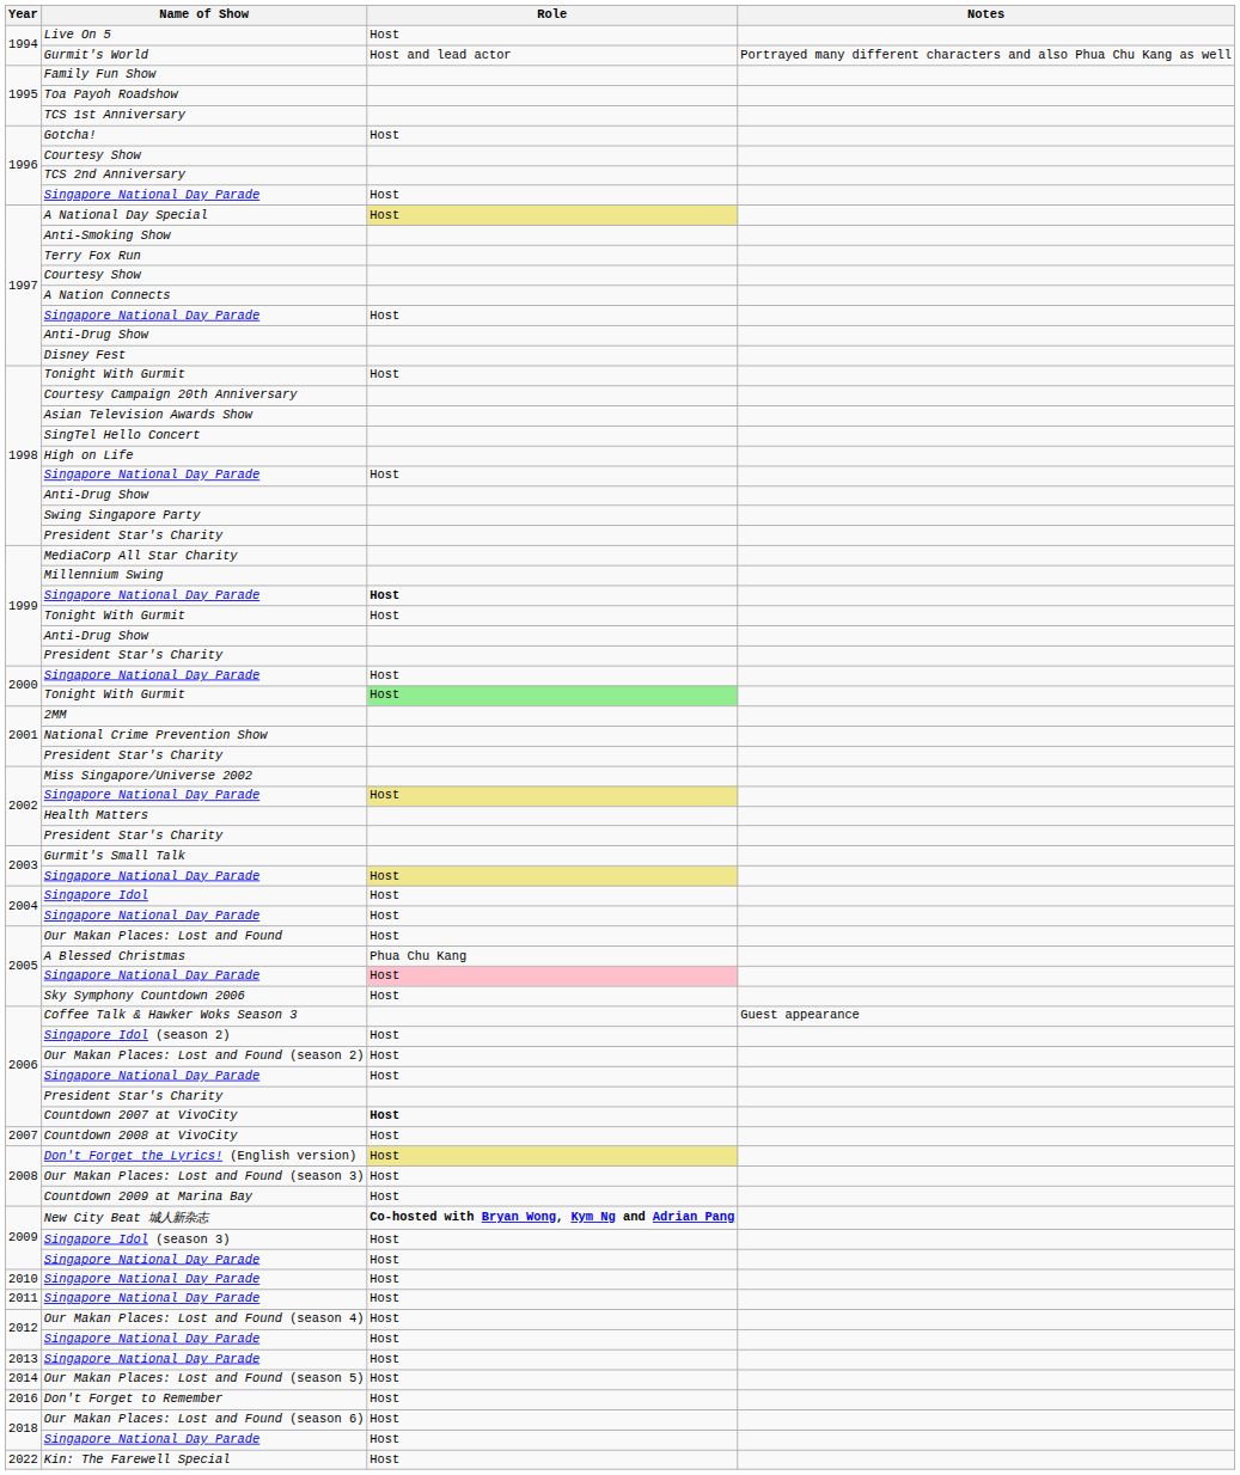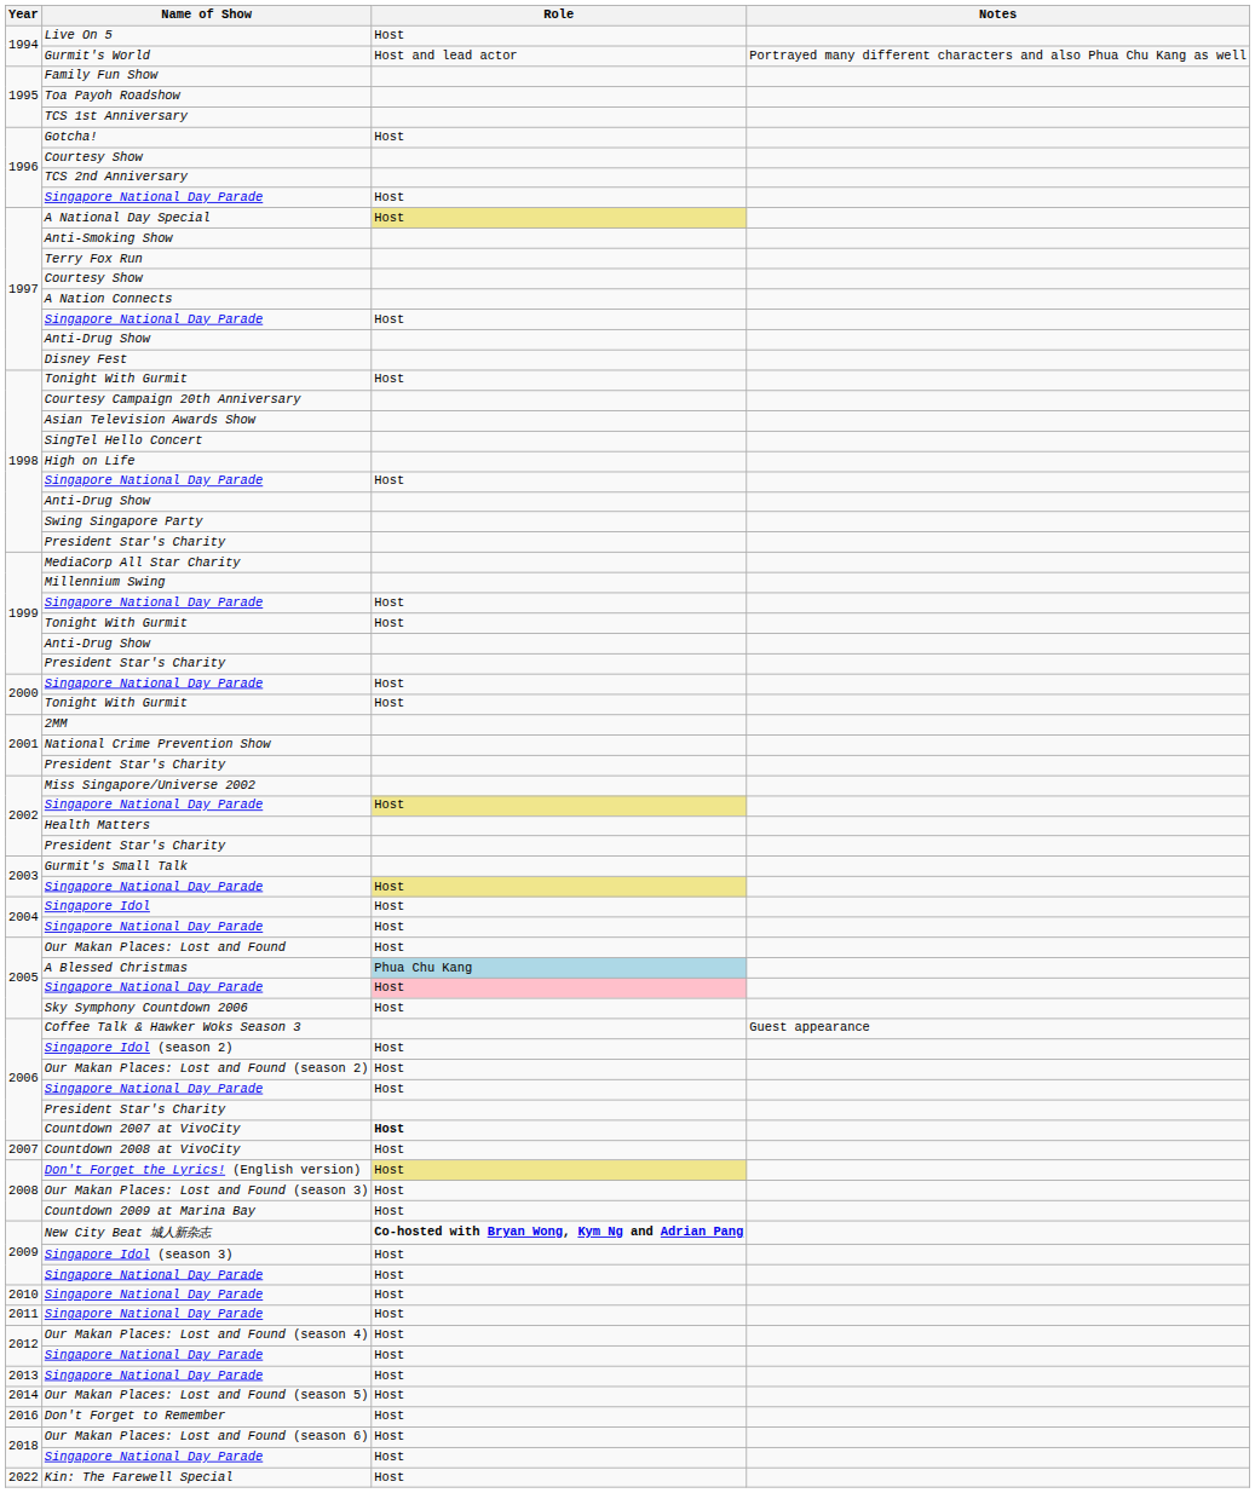 <table class="wikitable" style="font-size: 95%;">
 <tr>
 <th>Year</th>
 <th>Name of Show</th>
 <th>Role</th>
 <th>Notes</th>
 </tr>
 <tr>
 <td rowspan="2">1994</td>
 <td><em>Live On 5</em></td>
 <td>Host</td>
 <td></td>
 </tr>
 <tr>
 <td><em>Gurmit's World</em></td>
 <td>Host and lead actor</td>
 <td>Portrayed many different characters and also Phua Chu Kang as well</td>
 </tr>
 <tr>
 <td rowspan="3">1995</td>
 <td><em>Family Fun Show</em></td>
 <td></td>
 <td></td>
 </tr>
 <tr>
 <td><em>Toa Payoh Roadshow</em></td>
 <td></td>
 <td></td>
 </tr>
 <tr>
 <td><em>TCS 1st Anniversary</em></td>
 <td></td>
 <td></td>
 </tr>
 <tr>
 <td rowspan="4">1996</td>
 <td><em>Gotcha!</em></td>
 <td>Host</td>
 <td></td>
 </tr>
 <tr>
 <td><em>Courtesy Show</em></td>
 <td></td>
 <td></td>
 </tr>
 <tr>
 <td><em>TCS 2nd Anniversary</em></td>
 <td></td>
 <td></td>
 </tr>
 <tr>
 <td><em><a href='#'>Singapore National Day Parade</a></em></td>
 <td>Host</td>
 <td></td>
 </tr>
 <tr>
 <td rowspan="8">1997</td>
 <td><em>A National Day Special</em></td>
 <td style="background: khaki;">Host</td>
 <td></td>
 </tr>
 <tr>
 <td><em>Anti-Smoking Show</em></td>
 <td></td>
 <td></td>
 </tr>
 <tr>
 <td><em>Terry Fox Run</em></td>
 <td></td>
 <td></td>
 </tr>
 <tr>
 <td><em>Courtesy Show</em></td>
 <td></td>
 <td></td>
 </tr>
 <tr>
 <td><em>A Nation Connects</em></td>
 <td></td>
 <td></td>
 </tr>
 <tr>
 <td><em><a href='#'>Singapore National Day Parade</a></em></td>
 <td>Host</td>
 <td></td>
 </tr>
 <tr>
 <td><em>Anti-Drug Show</em></td>
 <td></td>
 <td></td>
 </tr>
 <tr>
 <td><em>Disney Fest</em></td>
 <td></td>
 <td></td>
 </tr>
 <tr>
 <td rowspan="9">1998</td>
 <td><em>Tonight With Gurmit</em></td>
 <td>Host</td>
 <td></td>
 </tr>
 <tr>
 <td><em>Courtesy Campaign 20th Anniversary</em></td>
 <td></td>
 <td></td>
 </tr>
 <tr>
 <td><em>Asian Television Awards Show</em></td>
 <td></td>
 <td></td>
 </tr>
 <tr>
 <td><em>SingTel Hello Concert</em></td>
 <td></td>
 <td></td>
 </tr>
 <tr>
 <td><em>High on Life</em></td>
 <td></td>
 <td></td>
 </tr>
 <tr>
 <td><em><a href='#'>Singapore National Day Parade</a></em></td>
 <td>Host</td>
 <td></td>
 </tr>
 <tr>
 <td><em>Anti-Drug Show</em></td>
 <td></td>
 <td></td>
 </tr>
 <tr>
 <td><em>Swing Singapore Party</em></td>
 <td></td>
 <td></td>
 </tr>
 <tr>
 <td><em>President Star's Charity</em></td>
 <td></td>
 <td></td>
 </tr>
 <tr>
 <td rowspan="6">1999</td>
 <td><em>MediaCorp All Star Charity</em></td>
 <td></td>
 <td></td>
 </tr>
 <tr>
 <td><em>Millennium Swing</em></td>
 <td></td>
 <td></td>
 </tr>
 <tr>
 <td><em><a href='#'>Singapore National Day Parade</a></em></td>
-<td><strong>Host</strong></td>
+<td>Host</td>
 <td></td>
 </tr>
 <tr>
 <td><em>Tonight With Gurmit</em></td>
 <td>Host</td>
 <td></td>
 </tr>
 <tr>
 <td><em>Anti-Drug Show</em></td>
 <td></td>
 <td></td>
 </tr>
 <tr>
 <td><em>President Star's Charity</em></td>
 <td></td>
 <td></td>
 </tr>
 <tr>
 <td rowspan="2">2000</td>
 <td><em><a href='#'>Singapore National Day Parade</a></em></td>
 <td>Host</td>
 <td></td>
 </tr>
 <tr>
 <td><em>Tonight With Gurmit</em></td>
-<td style="background: lightgreen;">Host</td>
+<td>Host</td>
 <td></td>
 </tr>
 <tr>
 <td rowspan="3">2001</td>
 <td><em>2MM</em></td>
 <td></td>
 <td></td>
 </tr>
 <tr>
 <td><em>National Crime Prevention Show</em></td>
 <td></td>
 <td></td>
 </tr>
 <tr>
 <td><em>President Star's Charity</em></td>
 <td></td>
 <td></td>
 </tr>
 <tr>
 <td rowspan="4">2002</td>
 <td><em>Miss Singapore/Universe 2002</em></td>
 <td></td>
 <td></td>
 </tr>
 <tr>
 <td><em><a href='#'>Singapore National Day Parade</a></em></td>
 <td style="background: khaki;">Host</td>
 <td></td>
 </tr>
 <tr>
 <td><em>Health Matters</em></td>
 <td></td>
 <td></td>
 </tr>
 <tr>
 <td><em>President Star's Charity</em></td>
 <td></td>
 <td></td>
 </tr>
 <tr>
 <td rowspan="2">2003</td>
 <td><em>Gurmit's Small Talk</em></td>
 <td></td>
 <td></td>
 </tr>
 <tr>
 <td><em><a href='#'>Singapore National Day Parade</a></em></td>
 <td style="background: khaki;">Host</td>
 <td></td>
 </tr>
 <tr>
 <td rowspan="2">2004</td>
 <td><em><a href='#'>Singapore Idol</a></em></td>
 <td>Host</td>
 <td></td>
 </tr>
 <tr>
 <td><em><a href='#'>Singapore National Day Parade</a></em></td>
 <td>Host</td>
 <td></td>
 </tr>
 <tr>
 <td rowspan="4">2005</td>
 <td><em>Our Makan Places: Lost and Found</em></td>
 <td>Host</td>
 <td></td>
 </tr>
 <tr>
 <td><em>A Blessed Christmas</em></td>
-<td>Phua Chu Kang</td>
+<td style="background: lightblue;">Phua Chu Kang</td>
 <td></td>
 </tr>
 <tr>
 <td><em><a href='#'>Singapore National Day Parade</a></em></td>
 <td style="background: pink;">Host</td>
 <td></td>
 </tr>
 <tr>
 <td><em>Sky Symphony Countdown 2006</em></td>
 <td>Host</td>
 <td></td>
 </tr>
 <tr>
 <td rowspan="6">2006</td>
 <td><em>Coffee Talk & Hawker Woks Season 3</em></td>
 <td></td>
 <td>Guest appearance</td>
 </tr>
 <tr>
 <td><em><a href='#'>Singapore Idol</a></em> (season 2)</td>
 <td>Host</td>
 <td></td>
 </tr>
 <tr>
 <td><em>Our Makan Places: Lost and Found</em> (season 2)</td>
 <td>Host</td>
 <td></td>
 </tr>
 <tr>
 <td><em><a href='#'>Singapore National Day Parade</a></em></td>
 <td>Host</td>
 <td></td>
 </tr>
 <tr>
 <td><em>President Star's Charity</em></td>
 <td></td>
 <td></td>
 </tr>
 <tr>
 <td><em>Countdown 2007 at VivoCity</em></td>
 <td><strong>Host</strong></td>
 <td></td>
 </tr>
 <tr>
 <td>2007</td>
 <td><em>Countdown 2008 at VivoCity</em></td>
 <td>Host</td>
 <td></td>
 </tr>
 <tr>
 <td rowspan="3">2008</td>
 <td><em><a href='#'>Don't Forget the Lyrics!</a></em> (English version)</td>
 <td style="background: khaki;">Host</td>
 <td></td>
 </tr>
 <tr>
 <td><em>Our Makan Places: Lost and Found</em> (season 3)</td>
 <td>Host</td>
 <td></td>
 </tr>
 <tr>
 <td><em>Countdown 2009 at Marina Bay</em></td>
 <td>Host</td>
 <td></td>
 </tr>
 <tr>
 <td rowspan="3">2009</td>
 <td><em>New City Beat 城人新杂志</em></td>
 <td><strong>Co-hosted with <a href='#'>Bryan Wong</a>, <a href='#'>Kym Ng</a> and <a href='#'>Adrian Pang</a></strong></td>
 <td></td>
 </tr>
 <tr>
 <td><em><a href='#'>Singapore Idol</a></em> (season 3)</td>
 <td>Host</td>
 <td></td>
 </tr>
 <tr>
 <td><em><a href='#'>Singapore National Day Parade</a></em></td>
 <td>Host</td>
 <td></td>
 </tr>
 <tr>
 <td>2010</td>
 <td><em><a href='#'>Singapore National Day Parade</a></em></td>
 <td>Host</td>
 <td></td>
 </tr>
 <tr>
 <td>2011</td>
 <td><em><a href='#'>Singapore National Day Parade</a></em></td>
 <td>Host</td>
 <td></td>
 </tr>
 <tr>
 <td rowspan="2">2012</td>
 <td><em>Our Makan Places: Lost and Found</em> (season 4)</td>
 <td>Host</td>
 <td></td>
 </tr>
 <tr>
 <td><em><a href='#'>Singapore National Day Parade</a></em></td>
 <td>Host</td>
 <td></td>
 </tr>
 <tr>
 <td>2013</td>
 <td><em><a href='#'>Singapore National Day Parade</a></em></td>
 <td>Host</td>
 <td></td>
 </tr>
 <tr>
 <td>2014</td>
 <td><em>Our Makan Places: Lost and Found</em> (season 5)</td>
 <td>Host</td>
 <td></td>
 </tr>
 <tr>
 <td>2016</td>
 <td><em>Don't Forget to Remember</em></td>
 <td>Host</td>
 <td></td>
 </tr>
 <tr>
 <td rowspan="2">2018</td>
 <td><em>Our Makan Places: Lost and Found</em> (season 6)</td>
 <td>Host</td>
 <td></td>
 </tr>
 <tr>
 <td><em><a href='#'>Singapore National Day Parade</a></em></td>
 <td>Host</td>
 <td></td>
 </tr>
 <tr>
 <td>2022</td>
 <td><em>Kin: The Farewell Special</em></td>
 <td>Host</td>
 <td></td>
 </tr>
 </table>
